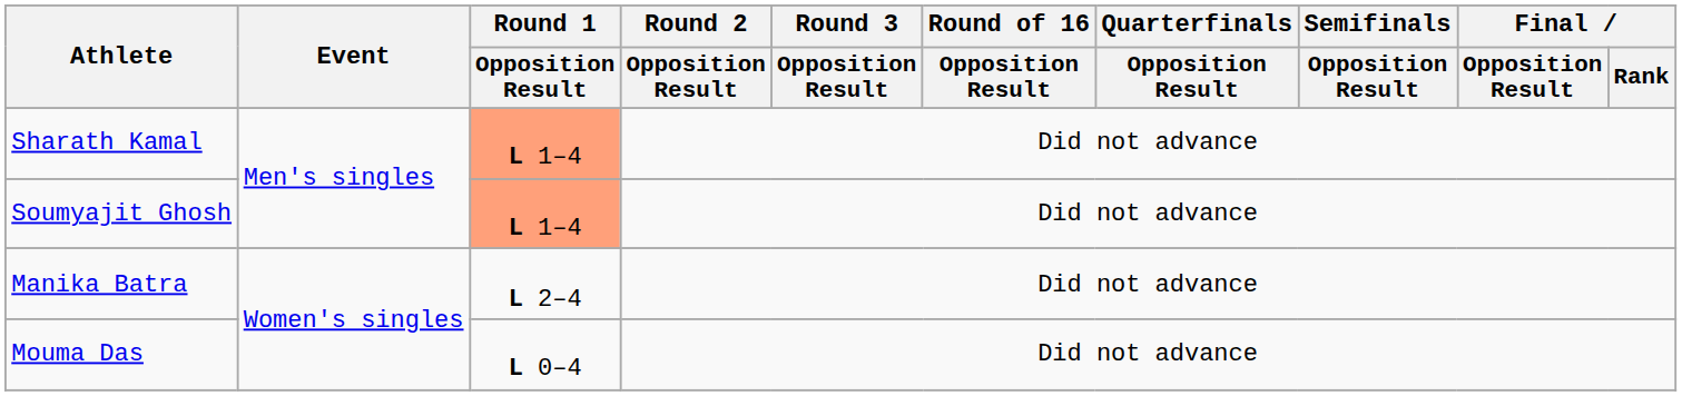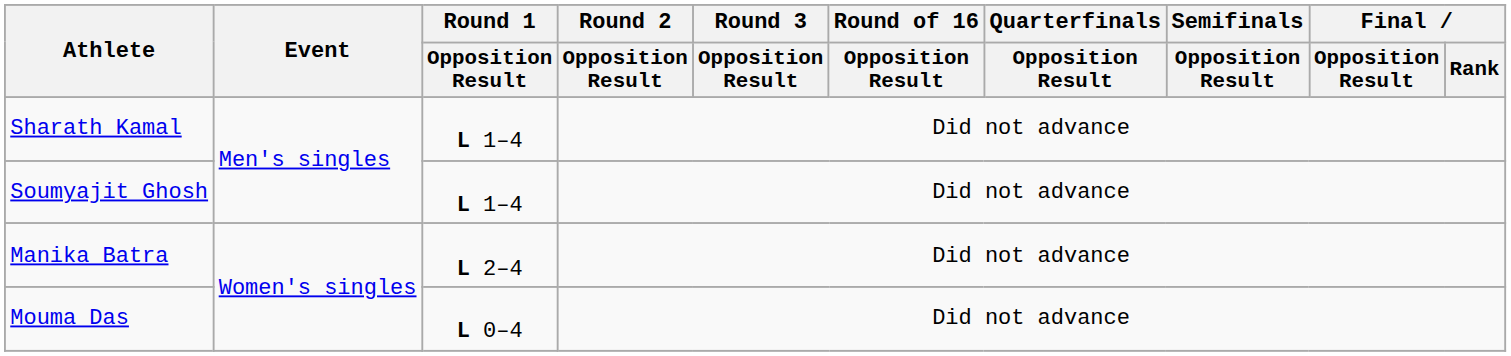 <table class="wikitable" style="font-size:90%;">
 <tr>
 <th rowspan=2>Athlete</th>
 <th rowspan=2>Event</th>
 <th>Round 1</th>
 <th>Round 2</th>
 <th>Round 3</th>
 <th>Round of 16</th>
 <th>Quarterfinals</th>
 <th>Semifinals</th>
 <th colspan=2>Final / </th>
 </tr>
 <tr style="font-size:95%">
 <th>Opposition<br>Result</th>
 <th>Opposition<br>Result</th>
 <th>Opposition<br>Result</th>
 <th>Opposition<br>Result</th>
 <th>Opposition<br>Result</th>
 <th>Opposition<br>Result</th>
 <th>Opposition<br>Result</th>
 <th>Rank</th>
 </tr>
 <tr align="center">
 <td align=left><a href='#'>Sharath Kamal</a></td>
 <td align=left rowspan=2><a href='#'>Men's singles</a></td>
-<td style="background: lightsalmon;"><br><strong>L</strong> 1–4</td>
+<td><br><strong>L</strong> 1–4</td>
 <td colspan="7">Did not advance</td>
 </tr>
 <tr align=center>
 <td align=left><a href='#'>Soumyajit Ghosh</a></td>
-<td style="background: lightsalmon;"><br><strong>L</strong> 1–4</td>
+<td><br><strong>L</strong> 1–4</td>
 <td colspan=7>Did not advance</td>
 </tr>
 <tr align=center>
 <td align=left><a href='#'>Manika Batra</a></td>
 <td align=left rowspan=2><a href='#'>Women's singles</a></td>
 <td><br><strong>L</strong> 2–4</td>
 <td colspan=7>Did not advance</td>
 </tr>
 <tr align=center>
 <td align=left><a href='#'>Mouma Das</a></td>
 <td><br><strong>L</strong> 0–4</td>
 <td colspan=7>Did not advance</td>
 </tr>
 </table>
